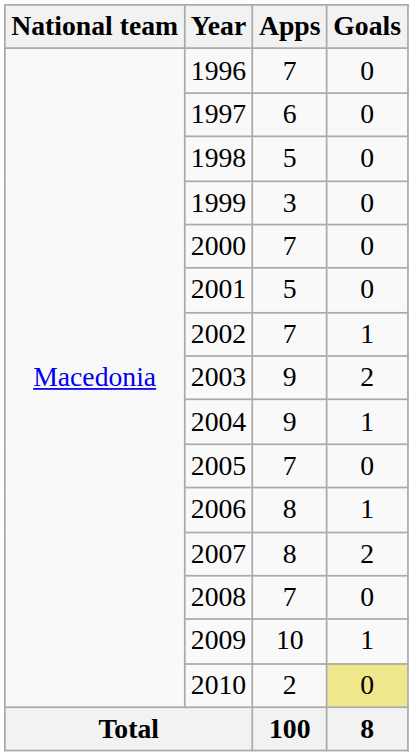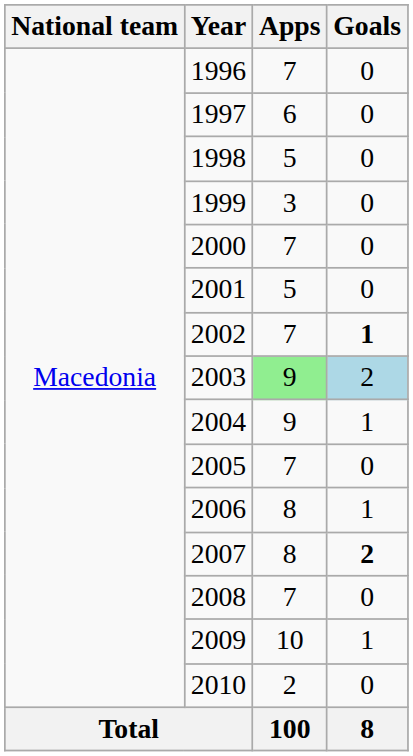 <table class="wikitable" style="text-align:center">
 <tr>
 <th>National team</th>
 <th>Year</th>
 <th>Apps</th>
 <th>Goals</th>
 </tr>
 <tr>
 <td rowspan="15"><a href='#'>Macedonia</a></td>
 <td>1996</td>
 <td>7</td>
 <td>0</td>
 </tr>
 <tr>
 <td>1997</td>
 <td>6</td>
 <td>0</td>
 </tr>
 <tr>
 <td>1998</td>
 <td>5</td>
 <td>0</td>
 </tr>
 <tr>
 <td>1999</td>
 <td>3</td>
 <td>0</td>
 </tr>
 <tr>
 <td>2000</td>
 <td>7</td>
 <td>0</td>
 </tr>
 <tr>
 <td>2001</td>
 <td>5</td>
 <td>0</td>
 </tr>
 <tr>
 <td>2002</td>
 <td>7</td>
-<td>1</td>
+<td><strong>1</strong></td>
 </tr>
 <tr>
 <td>2003</td>
-<td>9</td>
-<td>2</td>
+<td style="background: lightgreen;">9</td>
+<td style="background: lightblue;">2</td>
 </tr>
 <tr>
 <td>2004</td>
 <td>9</td>
 <td>1</td>
 </tr>
 <tr>
 <td>2005</td>
 <td>7</td>
 <td>0</td>
 </tr>
 <tr>
 <td>2006</td>
 <td>8</td>
 <td>1</td>
 </tr>
 <tr>
 <td>2007</td>
 <td>8</td>
-<td>2</td>
+<td><strong>2</strong></td>
 </tr>
 <tr>
 <td>2008</td>
 <td>7</td>
 <td>0</td>
 </tr>
 <tr>
 <td>2009</td>
 <td>10</td>
 <td>1</td>
 </tr>
 <tr>
 <td>2010</td>
 <td>2</td>
-<td style="background: khaki;">0</td>
+<td>0</td>
 </tr>
 <tr>
 <th colspan="2">Total</th>
 <th>100</th>
 <th>8</th>
 </tr>
 </table>
